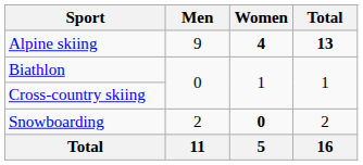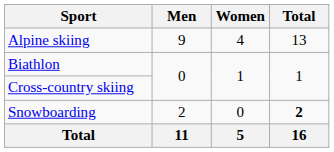 <table class="wikitable sortable" style=text-align:center>
 <tr>
 <th width=150>Sport</th>
 <th width=55>Men</th>
 <th width=55>Women</th>
 <th width=55>Total</th>
 </tr>
 <tr>
 <td align=left><a href='#'>Alpine skiing</a></td>
 <td>9</td>
-<td><strong>4</strong></td>
-<td><strong>13</strong></td>
+<td>4</td>
+<td>13</td>
 </tr>
 <tr>
 <td align=left><a href='#'>Biathlon</a></td>
 <td rowspan=2>0</td>
 <td rowspan=2>1</td>
 <td rowspan=2>1</td>
 </tr>
 <tr>
 <td align=left><a href='#'>Cross-country skiing</a></td>
 </tr>
 <tr>
 <td align=left><a href='#'>Snowboarding</a></td>
 <td>2</td>
-<td><strong>0</strong></td>
-<td>2</td>
+<td>0</td>
+<td><strong>2</strong></td>
 </tr>
 <tr>
 <th>Total</th>
 <th>11</th>
 <th>5</th>
 <th>16</th>
 </tr>
 </table>
